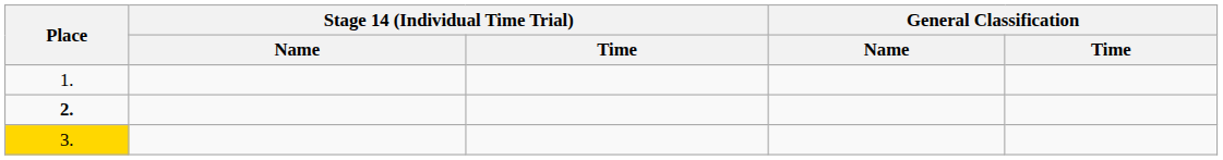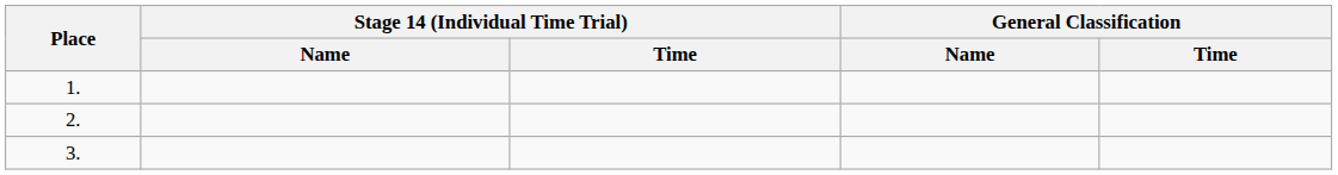 <table class="wikitable"  style="font-size:95%; width:80%;">
 <tr>
 <th rowspan="2">Place</th>
 <th colspan="2">Stage 14 (Individual Time Trial)</th>
 <th colspan="2">General Classification</th>
 </tr>
 <tr>
 <th>Name</th>
 <th>Time</th>
 <th>Name</th>
 <th>Time</th>
 </tr>
 <tr>
 <td style="text-align:center;">1.</td>
 <td></td>
 <td></td>
 <td></td>
 <td></td>
 </tr>
 <tr>
-<td style="text-align:center;"><strong>2.</strong></td>
+<td style="text-align:center;">2.</td>
 <td></td>
 <td></td>
 <td></td>
 <td></td>
 </tr>
 <tr>
-<td style="background: gold; text-align:center;">3.</td>
+<td style="text-align:center;">3.</td>
 <td></td>
 <td></td>
 <td></td>
 <td></td>
 </tr>
 </table>
